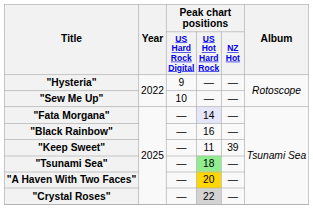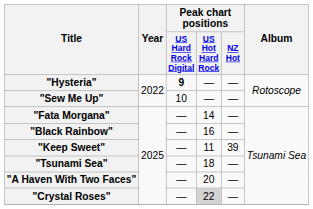 <table class="wikitable plainrowheaders" style="text-align:center;" border="1">
 <tr>
 <th scope="col" rowspan="2">Title</th>
 <th scope="col" rowspan="2">Year</th>
 <th scope="col" colspan="3">Peak chart positions</th>
 <th scope="col" rowspan="2">Album</th>
 </tr>
 <tr style="font-size:smaller">
 <th scope="col" style="width:30px;"><a href='#'>US<br>Hard<br>Rock<br>Digital</a><br></th>
 <th scope="col" style="width:30px;"><a href='#'>US<br>Hot<br>Hard<br>Rock</a></th>
 <th scope="col" style="width:30px;"><a href='#'>NZ<br>Hot</a><br></th>
 </tr>
 <tr>
 <th scope="row">"Hysteria"</th>
 <td rowspan="2">2022</td>
-<td>9</td>
+<td><strong>9</strong></td>
 <td>—</td>
 <td>—</td>
 <td rowspan="2"><em>Rotoscope</em></td>
 </tr>
 <tr>
 <th scope="row">"Sew Me Up"</th>
 <td>10</td>
 <td>—</td>
 <td>—</td>
 </tr>
 <tr>
 <th scope="row">"Fata Morgana"</th>
 <td rowspan="6">2025</td>
 <td>—</td>
-<td style="background: lavender;">14</td>
+<td>14</td>
 <td>—</td>
 <td rowspan="6"><em>Tsunami Sea</em></td>
 </tr>
 <tr>
 <th scope="row">"Black Rainbow"</th>
 <td>—</td>
 <td>16</td>
 <td>—</td>
 </tr>
 <tr>
 <th scope="row">"Keep Sweet"</th>
 <td>—</td>
 <td>11</td>
 <td>39</td>
 </tr>
 <tr>
 <th scope="row">"Tsunami Sea"</th>
 <td>—</td>
-<td style="background: lightgreen;">18</td>
+<td>18</td>
 <td>—</td>
 </tr>
 <tr>
 <th scope="row">"A Haven With Two Faces"</th>
 <td>—</td>
-<td style="background: gold;">20</td>
+<td>20</td>
 <td>—</td>
 </tr>
 <tr>
 <th scope="row">"Crystal Roses"</th>
 <td>—</td>
 <td style="background: lightgrey;">22</td>
 <td>—</td>
 </tr>
 <tr>
 </tr>
 </table>
